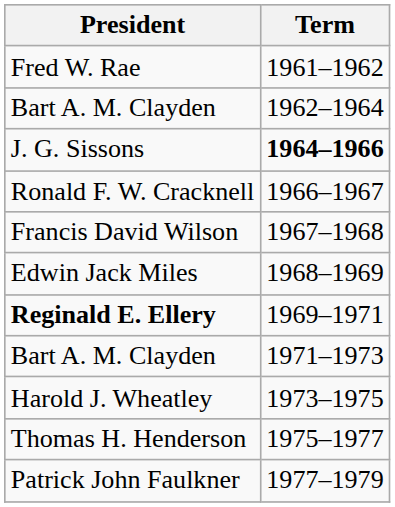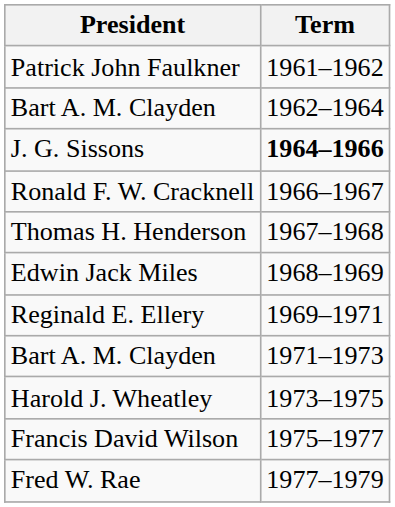 <table class="wikitable">
 <tr>
 <th>President</th>
 <th>Term</th>
 </tr>
 <tr>
-<td>Fred W. Rae</td>
+<td>Patrick John Faulkner</td>
 <td>1961–1962</td>
 </tr>
 <tr>
 <td>Bart A. M. Clayden</td>
 <td>1962–1964</td>
 </tr>
 <tr>
 <td>J. G. Sissons</td>
 <td><strong>1964–1966</strong></td>
 </tr>
 <tr>
 <td>Ronald F. W. Cracknell</td>
 <td>1966–1967</td>
 </tr>
 <tr>
-<td>Francis David Wilson</td>
+<td>Thomas H. Henderson</td>
 <td>1967–1968</td>
 </tr>
 <tr>
 <td>Edwin Jack Miles</td>
 <td>1968–1969</td>
 </tr>
 <tr>
-<td><strong>Reginald E. Ellery</strong></td>
+<td>Reginald E. Ellery</td>
 <td>1969–1971</td>
 </tr>
 <tr>
 <td>Bart A. M. Clayden</td>
 <td>1971–1973</td>
 </tr>
 <tr>
 <td>Harold J. Wheatley</td>
 <td>1973–1975</td>
 </tr>
 <tr>
-<td>Thomas H. Henderson</td>
+<td>Francis David Wilson</td>
 <td>1975–1977</td>
 </tr>
 <tr>
-<td>Patrick John Faulkner</td>
+<td>Fred W. Rae</td>
 <td>1977–1979</td>
 </tr>
 </table>
